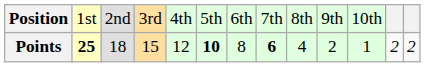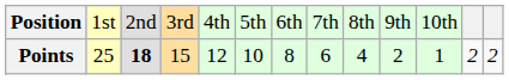 <table class="wikitable" style="font-size:85%; text-align: center;">
 <tr>
 <th>Position</th>
 <td style="background:#ffffbf;">1st</td>
 <td style="background:#dfdfdf;">2nd</td>
 <td style="background:#ffdf9f;">3rd</td>
 <td style="background:#dfffdf;">4th</td>
 <td style="background:#dfffdf;">5th</td>
 <td style="background:#dfffdf;">6th</td>
 <td style="background:#dfffdf;">7th</td>
 <td style="background:#dfffdf;">8th</td>
 <td style="background:#dfffdf;">9th</td>
 <td style="background:#dfffdf;">10th</td>
 <th></th>
 <th></th>
 </tr>
 <tr>
 <th>Points</th>
-<td style="background:#ffffbf;"><strong>25</strong></td>
-<td style="background:#dfdfdf;">18</td>
+<td style="background:#ffffbf;">25</td>
+<td style="background:#dfdfdf;"><strong>18</strong></td>
 <td style="background:#ffdf9f;">15</td>
 <td style="background:#dfffdf;">12</td>
-<td style="background:#dfffdf;"><strong>10</strong></td>
+<td style="background:#dfffdf;">10</td>
 <td style="background:#dfffdf;">8</td>
-<td style="background:#dfffdf;"><strong>6</strong></td>
+<td style="background:#dfffdf;">6</td>
 <td style="background:#dfffdf;">4</td>
 <td style="background:#dfffdf;">2</td>
 <td style="background:#dfffdf;">1</td>
 <td><em>2</em></td>
 <td><em>2</em></td>
 </tr>
 </table>
